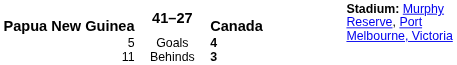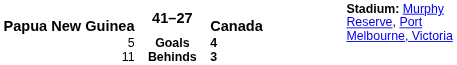 <table style="width: 100%; background: transparent;" cellspacing="0">
 <tr>
 <td align=center valign=top rowspan=3 width=15%></td>
 </tr>
 <tr>
 <td width=24% align=right><br><strong>Papua New Guinea</strong></td>
 <td align=center width=13%><strong>41–27</strong></td>
 <td width=24%><br><strong>Canada</strong></td>
 <td style=font-size:85% rowspan=2 valign=top><strong>Stadium:</strong> <a href='#'>Murphy Reserve</a>, <a href='#'>Port Melbourne, Victoria</a></td>
 </tr>
 <tr style=font-size:85%>
 <td align=right valign=top>5<br> 11</td>
-<td align=center valign=top>Goals <br>Behinds</td>
+<td align=center valign=top><strong>Goals <br>Behinds</strong></td>
 <td valign=top><strong>4<br> 3</strong></td>
 </tr>
 </table>
